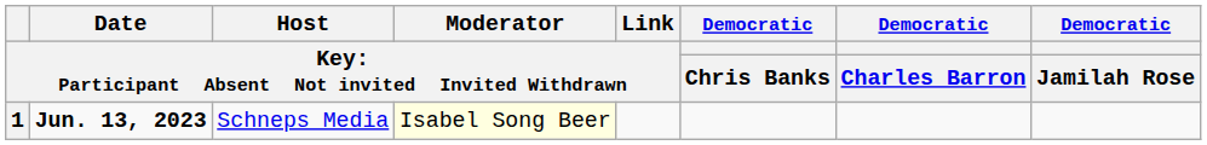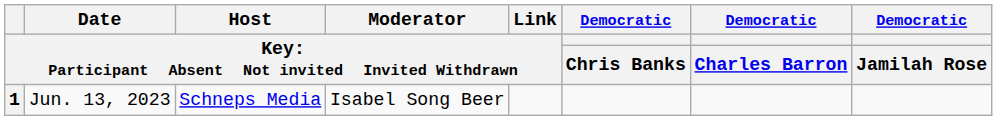 <table class="wikitable" style="text-align:center;">
 <tr>
 <th scope="col"></th>
 <th scope="col">Date</th>
 <th scope="col">Host</th>
 <th scope="col">Moderator</th>
 <th scope="col">Link</th>
 <th scope="col"><small><a href='#'>Democratic</a></small></th>
 <th scope="col"><small><a href='#'>Democratic</a></small></th>
 <th scope="col"><small><a href='#'>Democratic</a></small></th>
 </tr>
 <tr>
 <th colspan="5" rowspan="2">Key:<br> <small>Participant </small>  <small>Absent </small>  <small>Not invited </small>  <small>Invited  Withdrawn</small></th>
 <th scope="col" style="background:"></th>
 <th scope="col" style="background:"></th>
 <th scope="col" style="background:"></th>
 </tr>
 <tr>
 <th scope="col">Chris Banks</th>
 <th scope="col"><a href='#'>Charles Barron</a></th>
 <th scope="col">Jamilah Rose</th>
 </tr>
 <tr>
 <th>1</th>
-<td style="white-space:nowrap;"><strong>Jun. 13, 2023</strong></td>
+<td style="white-space:nowrap;">Jun. 13, 2023</td>
 <td style="white-space:nowrap;"><a href='#'>Schneps Media</a></td>
-<td style="background: lightyellow; white-space:nowrap;">Isabel Song Beer</td>
+<td style="white-space:nowrap;">Isabel Song Beer</td>
 <td style="white-space:nowrap;"></td>
 <td></td>
 <td></td>
 <td></td>
 </tr>
 </table>
